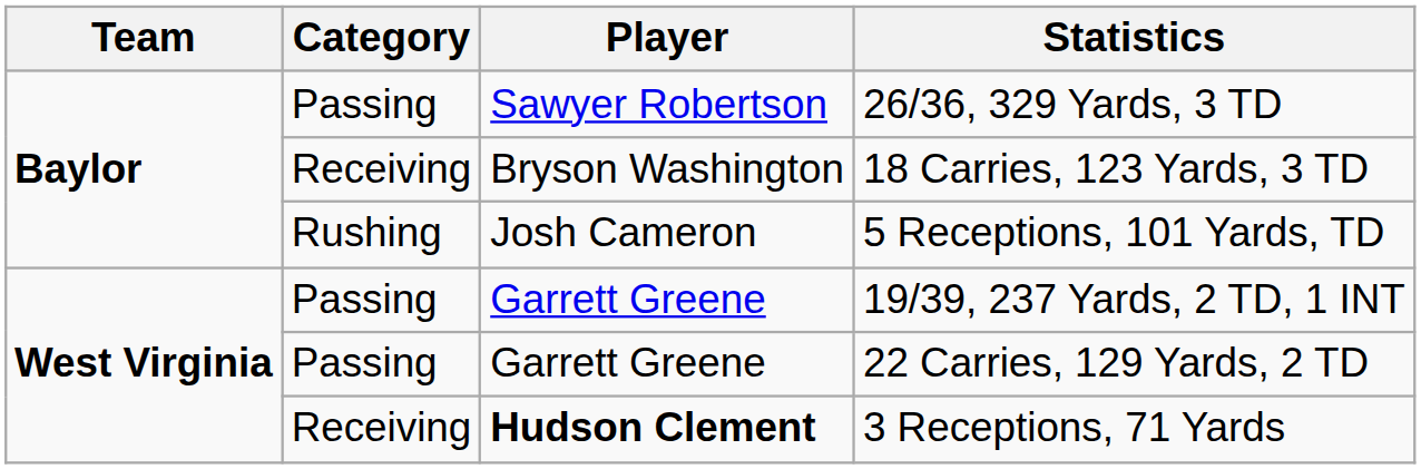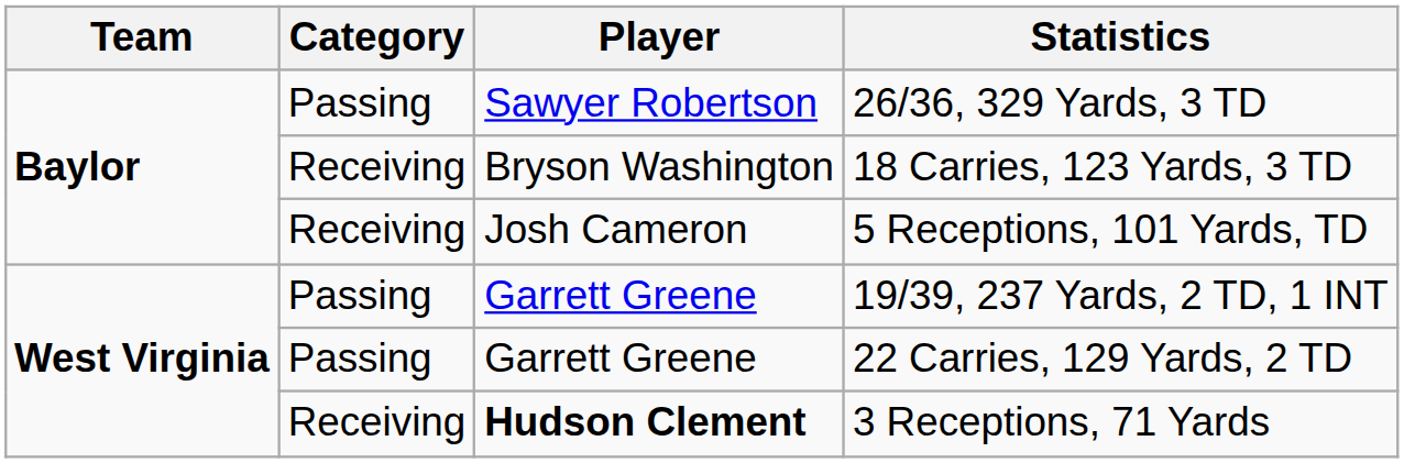 <table class="wikitable" style="float: right;">
 <tr>
 <th>Team</th>
 <th>Category</th>
 <th>Player</th>
 <th>Statistics</th>
 </tr>
 <tr>
 <td rowspan=3><strong>Baylor</strong></td>
 <td>Passing</td>
 <td><a href='#'>Sawyer Robertson</a></td>
 <td>26/36, 329 Yards, 3 TD</td>
 </tr>
 <tr>
 <td>Receiving</td>
 <td>Bryson Washington</td>
 <td>18 Carries, 123 Yards, 3 TD</td>
 </tr>
 <tr>
-<td>Rushing</td>
+<td>Receiving</td>
 <td>Josh Cameron</td>
 <td>5 Receptions, 101 Yards, TD</td>
 </tr>
 <tr>
 <td rowspan=3><strong>West Virginia</strong></td>
 <td>Passing</td>
 <td><a href='#'>Garrett Greene</a></td>
 <td>19/39, 237 Yards, 2 TD, 1 INT</td>
 </tr>
 <tr>
 <td>Passing</td>
 <td>Garrett Greene</td>
 <td>22 Carries, 129 Yards, 2 TD</td>
 </tr>
 <tr>
 <td>Receiving</td>
 <td><strong>Hudson Clement</strong></td>
 <td>3 Receptions, 71 Yards</td>
 </tr>
 </table>
